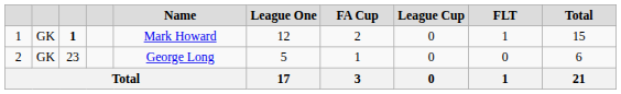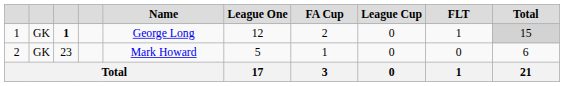 <table class="wikitable sortable" style="font-size: 95%; text-align: center;">
 <tr>
 <th width=25 style="background-color:#dcdcdc; color:black;"></th>
 <th width=25 style="background-color:#dcdcdc; color:black;"></th>
 <th width=25 style="background-color:#dcdcdc; color:black;"></th>
 <th width=25 style="background-color:#dcdcdc; color:black;"></th>
 <th width=150 style="background-color:#dcdcdc; color:black;">Name</th>
 <th width=80 style="background-color:#dcdcdc; color:black;">League One</th>
 <th width=80 style="background-color:#dcdcdc; color:black;">FA Cup</th>
 <th width=80 style="background-color:#dcdcdc; color:black;">League Cup</th>
 <th width=80 style="background-color:#dcdcdc; color:black;">FLT</th>
 <th width=80 style="background-color:#dcdcdc; color:black;">Total</th>
 </tr>
 <tr>
 <td>1</td>
 <td>GK</td>
 <td><strong>1</strong></td>
 <td></td>
-<td data-sort-value="Mark Howard"><a href='#'>Mark Howard</a></td>
+<td data-sort-value="George Long"><a href='#'>George Long</a></td>
 <td>12</td>
 <td>2</td>
 <td>0</td>
 <td>1</td>
-<td>15</td>
+<td style="background: lightgrey;">15</td>
 </tr>
 <tr>
 <td>2</td>
 <td>GK</td>
 <td>23</td>
 <td></td>
-<td data-sort-value="George Long"><a href='#'>George Long</a></td>
+<td data-sort-value="Mark Howard"><a href='#'>Mark Howard</a></td>
 <td>5</td>
 <td>1</td>
 <td>0</td>
 <td>0</td>
 <td>6</td>
 </tr>
 <tr class="sortbottom">
 <th colspan=5>Total</th>
 <th>17</th>
 <th>3</th>
 <th>0</th>
 <th>1</th>
 <th>21</th>
 </tr>
 </table>
